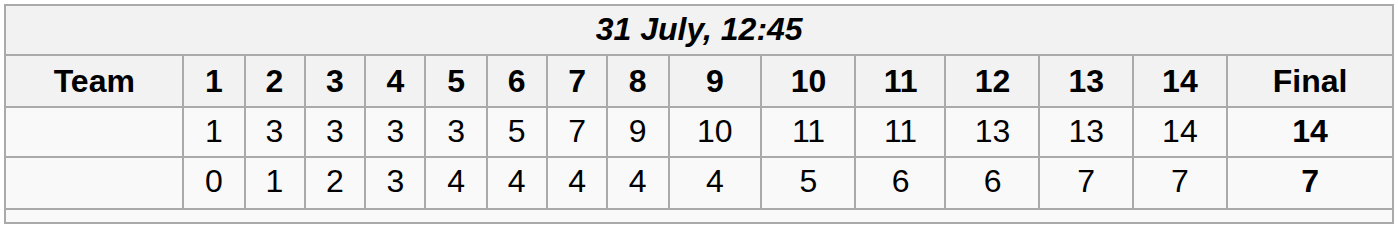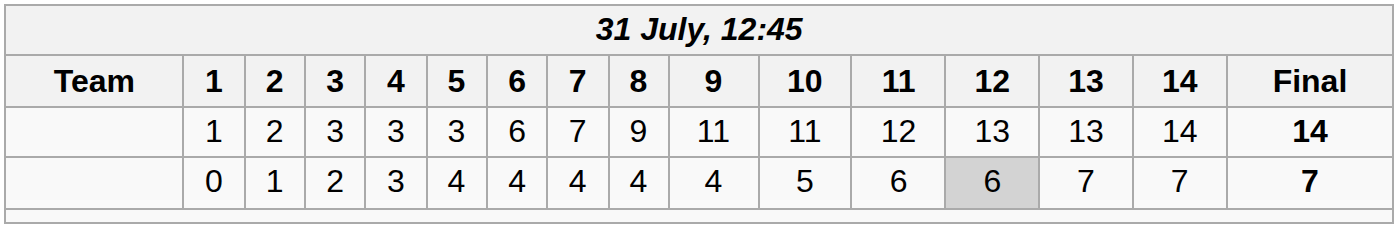 <table class=wikitable style="text-align:center; width: 55%">
 <tr>
 <th colspan=17><em>31 July, 12:45</em></th>
 </tr>
 <tr>
 <th>Team</th>
 <th>1</th>
 <th>2</th>
 <th>3</th>
 <th>4</th>
 <th>5</th>
 <th>6</th>
 <th>7</th>
 <th>8</th>
 <th>9</th>
 <th>10</th>
 <th>11</th>
 <th>12</th>
 <th>13</th>
 <th>14</th>
 <th>Final</th>
 </tr>
 <tr>
 <td align=left><strong></strong></td>
 <td>1</td>
+<td>2</td>
 <td>3</td>
 <td>3</td>
 <td>3</td>
-<td>3</td>
-<td>5</td>
+<td>6</td>
 <td>7</td>
 <td>9</td>
-<td>10</td>
 <td>11</td>
 <td>11</td>
+<td>12</td>
 <td>13</td>
 <td>13</td>
 <td>14</td>
 <td><strong>14</strong></td>
 </tr>
 <tr>
 <td align=left></td>
 <td>0</td>
 <td>1</td>
 <td>2</td>
 <td>3</td>
 <td>4</td>
 <td>4</td>
 <td>4</td>
 <td>4</td>
 <td>4</td>
 <td>5</td>
 <td>6</td>
-<td>6</td>
+<td style="background: lightgrey;">6</td>
 <td>7</td>
 <td>7</td>
 <td><strong>7</strong></td>
 </tr>
 <tr>
 <td colspan=17></td>
 </tr>
 </table>
